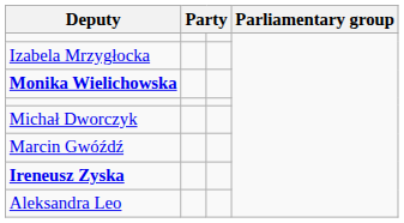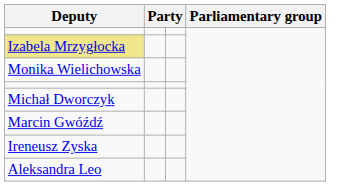 <table class="wikitable">
 <tr>
 <th>Deputy</th>
 <th colspan=2>Party</th>
 <th colspan=2>Parliamentary group</th>
 </tr>
 <tr>
 <td></td>
 <td></td>
 <td></td>
 </tr>
 <tr>
-<td><a href='#'>Izabela Mrzygłocka</a></td>
+<td style="background: khaki;"><a href='#'>Izabela Mrzygłocka</a></td>
 <td></td>
 <td></td>
 </tr>
 <tr>
-<td><strong><a href='#'>Monika Wielichowska</a></strong></td>
+<td><a href='#'>Monika Wielichowska</a></td>
 <td></td>
 <td></td>
 </tr>
 <tr>
 <td></td>
 <td></td>
 <td></td>
 </tr>
 <tr>
 <td><a href='#'>Michał Dworczyk</a></td>
 <td></td>
 <td></td>
 </tr>
 <tr>
 <td><a href='#'>Marcin Gwóźdź</a></td>
 <td></td>
 <td></td>
 </tr>
 <tr>
-<td><strong><a href='#'>Ireneusz Zyska</a></strong></td>
+<td><a href='#'>Ireneusz Zyska</a></td>
 <td></td>
 <td></td>
 </tr>
 <tr>
 <td><a href='#'>Aleksandra Leo</a></td>
 <td></td>
 <td></td>
 </tr>
 </table>
